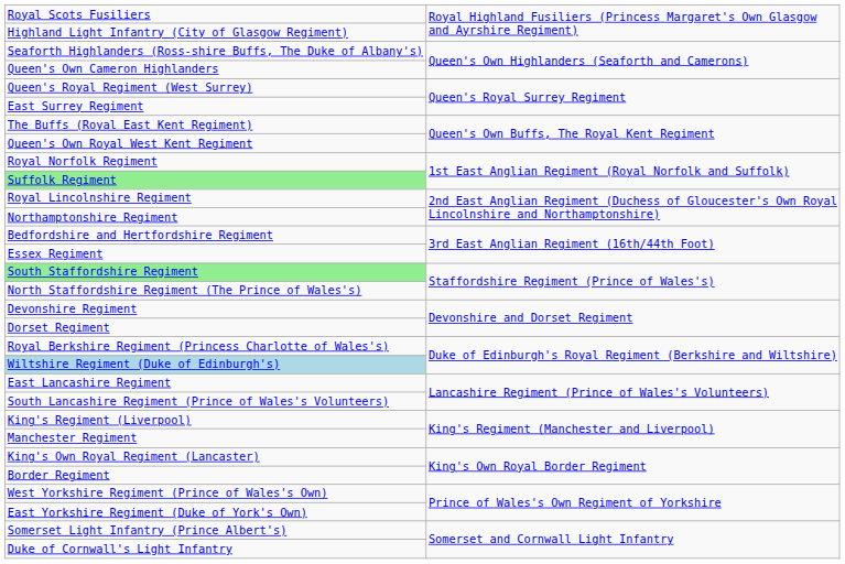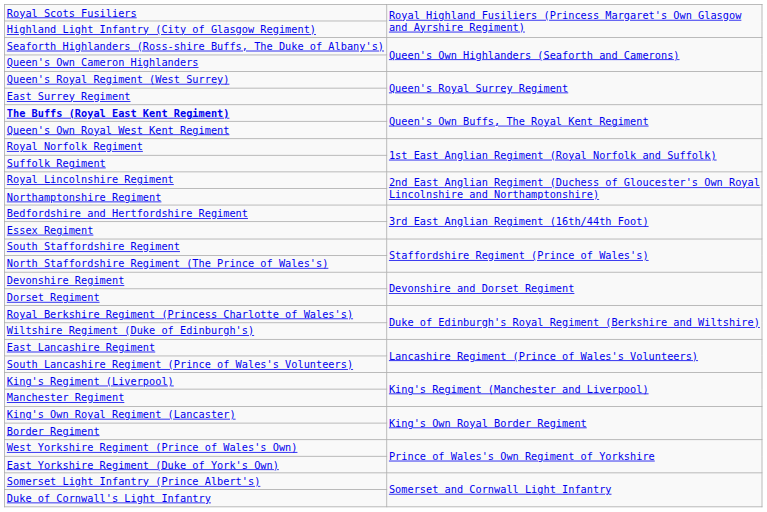 <table class="wikitable">
 <tr>
 <td><a href='#'>Royal Scots Fusiliers</a></td>
 <td rowspan=2><a href='#'>Royal Highland Fusiliers (Princess Margaret's Own Glasgow<br>and Ayrshire Regiment)</a></td>
 </tr>
 <tr>
 <td><a href='#'>Highland Light Infantry (City of Glasgow Regiment)</a></td>
 </tr>
 <tr>
 <td><a href='#'>Seaforth Highlanders (Ross-shire Buffs, The Duke of Albany's)</a></td>
 <td rowspan=2><a href='#'>Queen's Own Highlanders (Seaforth and Camerons)</a></td>
 </tr>
 <tr>
 <td><a href='#'>Queen's Own Cameron Highlanders</a></td>
 </tr>
 <tr>
 <td><a href='#'>Queen's Royal Regiment (West Surrey)</a></td>
 <td rowspan=2><a href='#'>Queen's Royal Surrey Regiment</a></td>
 </tr>
 <tr>
 <td><a href='#'>East Surrey Regiment</a></td>
 </tr>
 <tr>
-<td><a href='#'>The Buffs (Royal East Kent Regiment)</a></td>
+<td><strong><a href='#'>The Buffs (Royal East Kent Regiment)</a></strong></td>
 <td rowspan=2><a href='#'>Queen's Own Buffs, The Royal Kent Regiment</a></td>
 </tr>
 <tr>
 <td><a href='#'>Queen's Own Royal West Kent Regiment</a></td>
 </tr>
 <tr>
 <td><a href='#'>Royal Norfolk Regiment</a></td>
 <td rowspan=2><a href='#'>1st East Anglian Regiment (Royal Norfolk and Suffolk)</a></td>
 </tr>
 <tr>
-<td style="background: lightgreen;"><a href='#'>Suffolk Regiment</a></td>
+<td><a href='#'>Suffolk Regiment</a></td>
 </tr>
 <tr>
 <td><a href='#'>Royal Lincolnshire Regiment</a></td>
 <td rowspan=2><a href='#'>2nd East Anglian Regiment (Duchess of Gloucester's Own Royal<br>Lincolnshire and Northamptonshire)</a></td>
 </tr>
 <tr>
 <td><a href='#'>Northamptonshire Regiment</a></td>
 </tr>
 <tr>
 <td><a href='#'>Bedfordshire and Hertfordshire Regiment</a></td>
 <td rowspan=2><a href='#'>3rd East Anglian Regiment (16th/44th Foot)</a></td>
 </tr>
 <tr>
 <td><a href='#'>Essex Regiment</a></td>
 </tr>
 <tr>
-<td style="background: lightgreen;"><a href='#'>South Staffordshire Regiment</a></td>
+<td><a href='#'>South Staffordshire Regiment</a></td>
 <td rowspan=2><a href='#'>Staffordshire Regiment (Prince of Wales's)</a></td>
 </tr>
 <tr>
 <td><a href='#'>North Staffordshire Regiment (The Prince of Wales's)</a></td>
 </tr>
 <tr>
 <td><a href='#'>Devonshire Regiment</a></td>
 <td rowspan=2><a href='#'>Devonshire and Dorset Regiment</a></td>
 </tr>
 <tr>
 <td><a href='#'>Dorset Regiment</a></td>
 </tr>
 <tr>
 <td><a href='#'>Royal Berkshire Regiment (Princess Charlotte of Wales's)</a></td>
 <td rowspan=2><a href='#'>Duke of Edinburgh's Royal Regiment (Berkshire and Wiltshire)</a></td>
 </tr>
 <tr>
-<td style="background: lightblue;"><a href='#'>Wiltshire Regiment (Duke of Edinburgh's)</a></td>
+<td><a href='#'>Wiltshire Regiment (Duke of Edinburgh's)</a></td>
 </tr>
 <tr>
 <td><a href='#'>East Lancashire Regiment</a></td>
 <td rowspan=2><a href='#'>Lancashire Regiment (Prince of Wales's Volunteers)</a></td>
 </tr>
 <tr>
 <td><a href='#'>South Lancashire Regiment (Prince of Wales's Volunteers)</a></td>
 </tr>
 <tr>
 <td><a href='#'>King's Regiment (Liverpool)</a></td>
 <td rowspan=2><a href='#'>King's Regiment (Manchester and Liverpool)</a></td>
 </tr>
 <tr>
 <td><a href='#'>Manchester Regiment</a></td>
 </tr>
 <tr>
 <td><a href='#'>King's Own Royal Regiment (Lancaster)</a></td>
 <td rowspan=2><a href='#'>King's Own Royal Border Regiment</a></td>
 </tr>
 <tr>
 <td><a href='#'>Border Regiment</a></td>
 </tr>
 <tr>
 <td><a href='#'>West Yorkshire Regiment (Prince of Wales's Own)</a></td>
 <td rowspan=2><a href='#'>Prince of Wales's Own Regiment of Yorkshire</a></td>
 </tr>
 <tr>
 <td><a href='#'>East Yorkshire Regiment (Duke of York's Own)</a></td>
 </tr>
 <tr>
 <td><a href='#'>Somerset Light Infantry (Prince Albert's)</a></td>
 <td rowspan=2><a href='#'>Somerset and Cornwall Light Infantry</a></td>
 </tr>
 <tr>
 <td><a href='#'>Duke of Cornwall's Light Infantry</a></td>
 </tr>
 </table>
